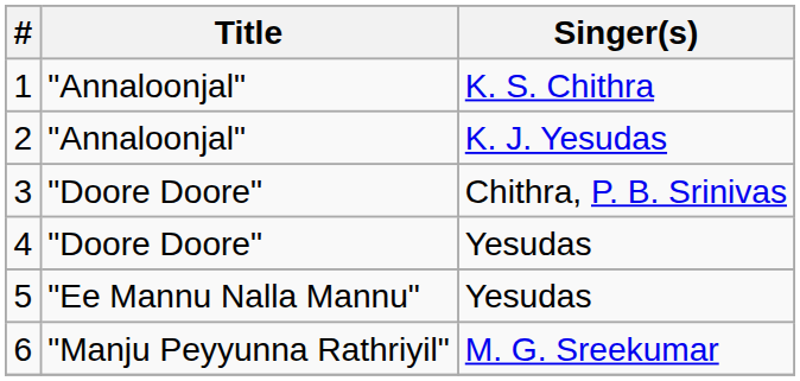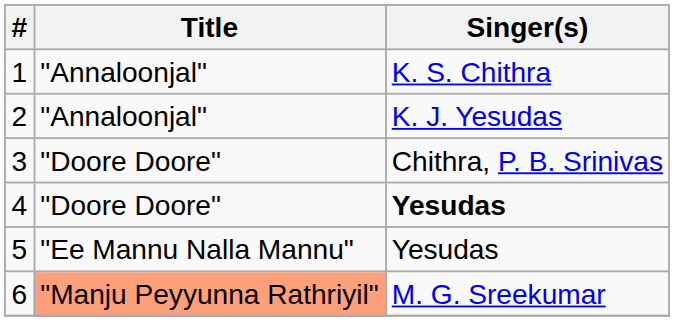 <table class="wikitable" style="font-size:95%;">
 <tr>
 <th>#</th>
 <th>Title</th>
 <th>Singer(s)</th>
 </tr>
 <tr>
 <td>1</td>
 <td>"Annaloonjal"</td>
 <td><a href='#'>K. S. Chithra</a></td>
 </tr>
 <tr>
 <td>2</td>
 <td>"Annaloonjal"</td>
 <td><a href='#'>K. J. Yesudas</a></td>
 </tr>
 <tr>
 <td>3</td>
 <td>"Doore Doore"</td>
 <td>Chithra, <a href='#'>P. B. Srinivas</a></td>
 </tr>
 <tr>
 <td>4</td>
 <td>"Doore Doore"</td>
-<td>Yesudas</td>
+<td><strong>Yesudas</strong></td>
 </tr>
 <tr>
 <td>5</td>
 <td>"Ee Mannu Nalla Mannu"</td>
 <td>Yesudas</td>
 </tr>
 <tr>
 <td>6</td>
-<td>"Manju Peyyunna Rathriyil"</td>
+<td style="background: lightsalmon;">"Manju Peyyunna Rathriyil"</td>
 <td><a href='#'>M. G. Sreekumar</a></td>
 </tr>
 <tr>
 </tr>
 </table>
